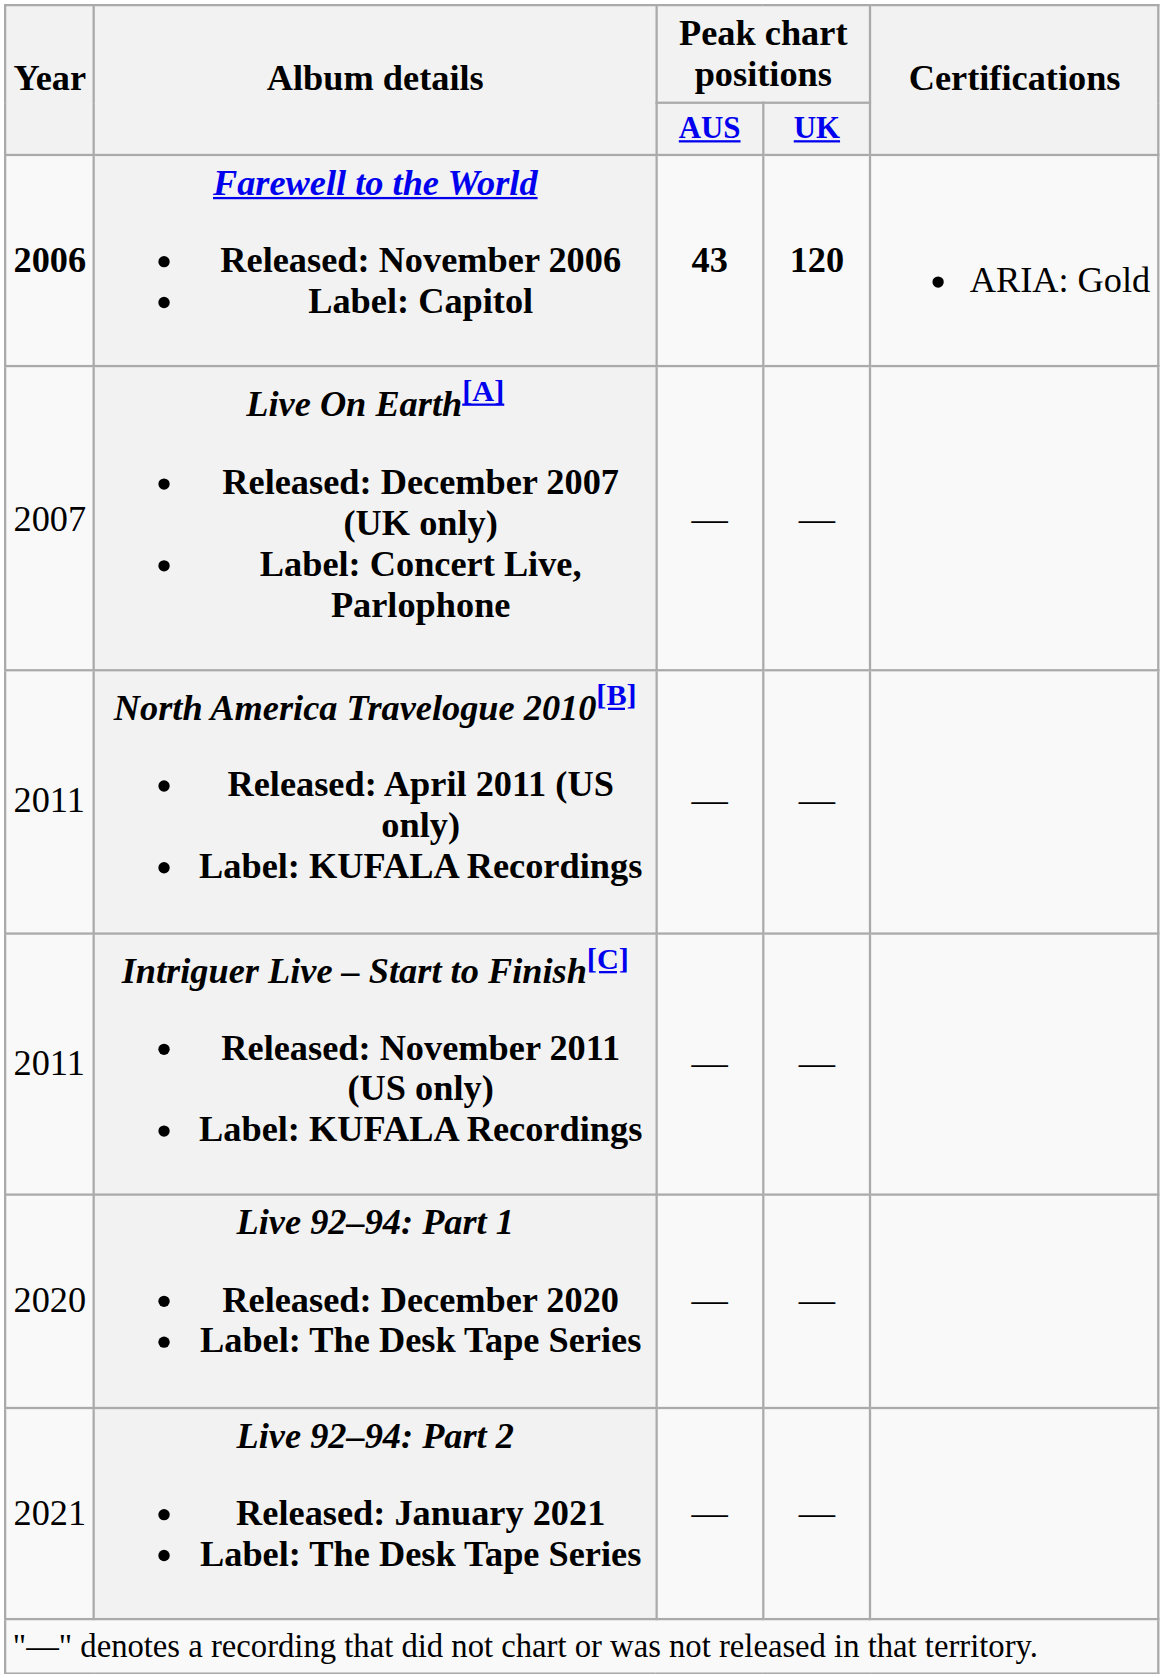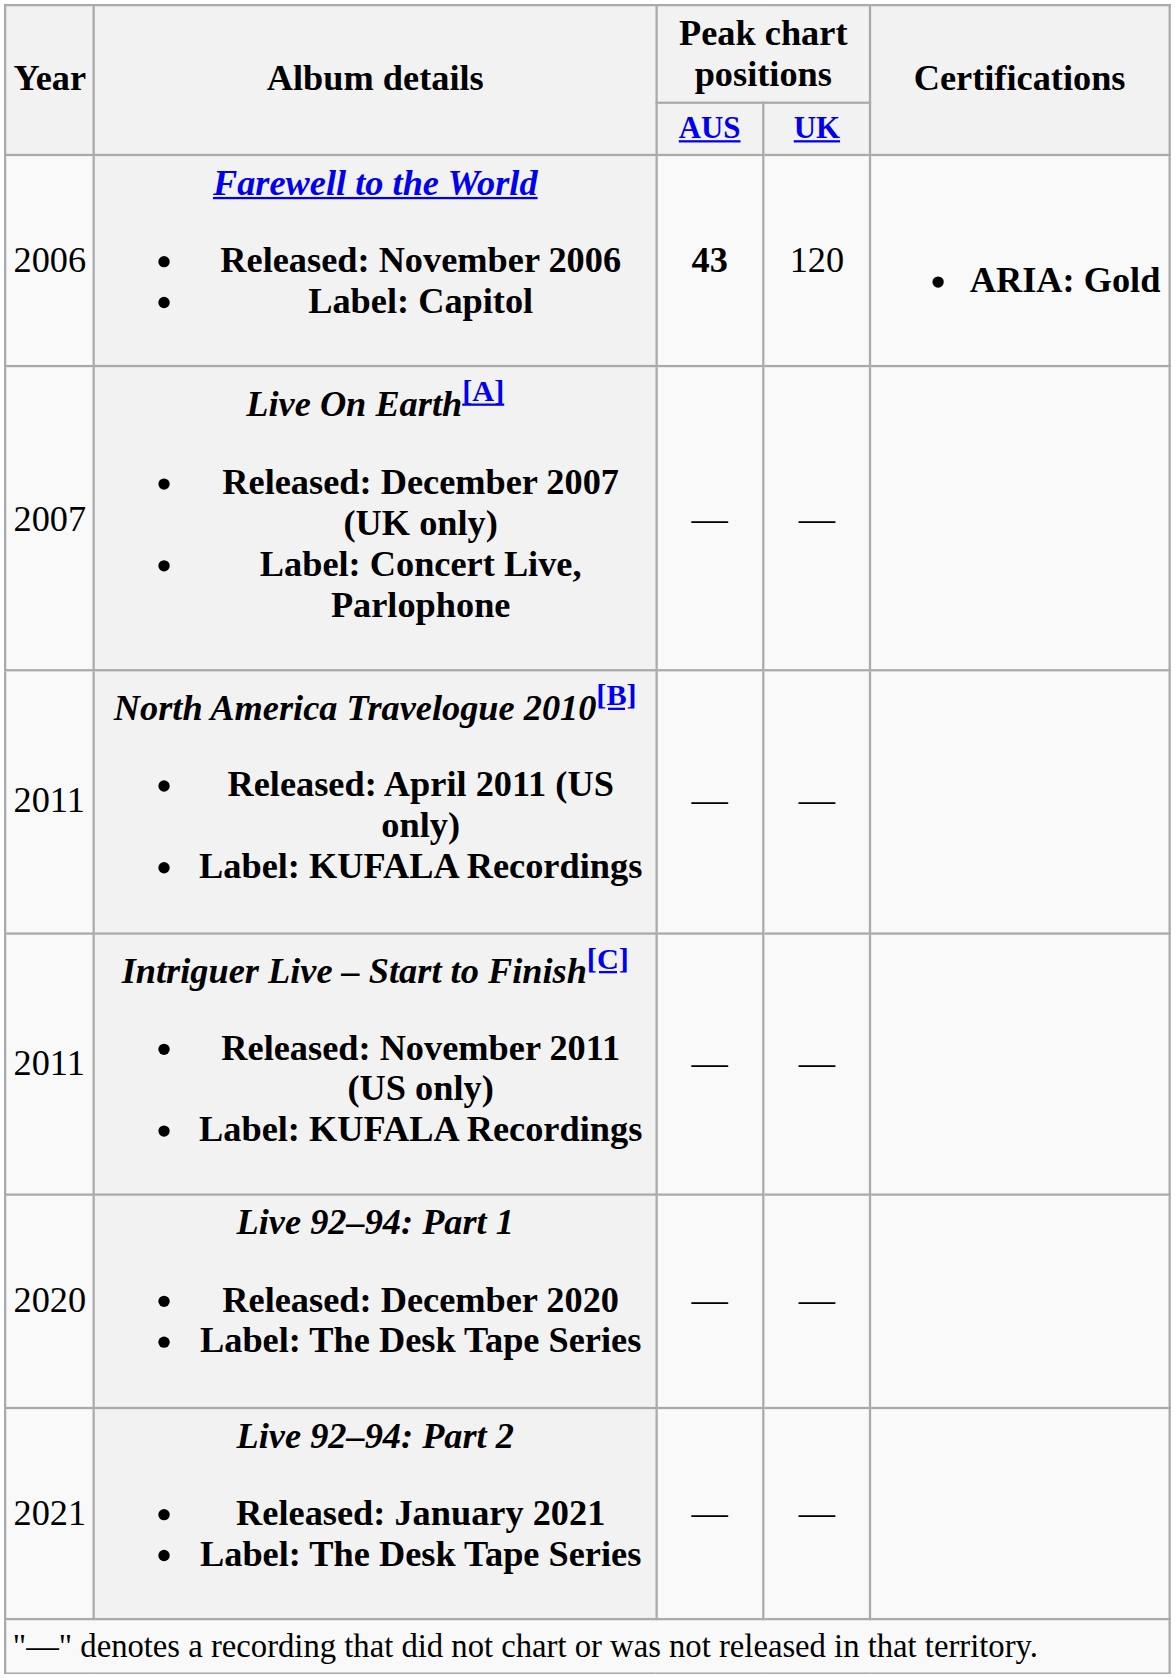 <table class="wikitable plainrowheaders" style="text-align:left;">
 <tr>
 <th rowspan="2" style="width:25px;">Year</th>
 <th rowspan="2" style="width:240px;">Album details</th>
 <th colspan="2">Peak chart positions</th>
 <th rowspan="2">Certifications</th>
 </tr>
 <tr>
 <th style="width:3em;font-size:85%"><a href='#'>AUS</a><br></th>
 <th style="width:3em;font-size:85%"><a href='#'>UK</a><br></th>
 </tr>
 <tr>
-<td><strong>2006</strong></td>
+<td>2006</td>
 <th scope="row"><em><a href='#'>Farewell to the World</a></em><br><ul><li>Released: November 2006</li><li>Label: Capitol</li></ul></th>
 <td style="text-align:center;"><strong>43</strong></td>
-<td style="text-align:center;"><strong>120</strong></td>
-<td><br><ul><li>ARIA: Gold</li></ul></td>
+<td style="text-align:center;">120</td>
+<td><strong><br><ul><li>ARIA: Gold</li></ul></strong></td>
 </tr>
 <tr>
 <td>2007</td>
 <th scope="row"><em>Live On Earth</em><sup><a href='#'><strong>[A]</strong></a></sup><br><ul><li>Released: December 2007 (UK only)</li><li>Label: Concert Live, Parlophone</li></ul></th>
 <td style="text-align:center;">—</td>
 <td style="text-align:center;">—</td>
 <td></td>
 </tr>
 <tr>
 <td>2011</td>
 <th scope="row"><em>North America Travelogue 2010</em><sup><a href='#'><strong>[B]</strong></a></sup><br><ul><li>Released: April 2011 (US only)</li><li>Label: KUFALA Recordings</li></ul></th>
 <td style="text-align:center;">—</td>
 <td style="text-align:center;">—</td>
 <td></td>
 </tr>
 <tr>
 <td>2011</td>
 <th scope="row"><em>Intriguer Live – Start to Finish</em><sup><a href='#'><strong>[C]</strong></a></sup><br><ul><li>Released: November 2011 (US only)</li><li>Label: KUFALA Recordings</li></ul></th>
 <td style="text-align:center;">—</td>
 <td style="text-align:center;">—</td>
 <td></td>
 </tr>
 <tr>
 <td>2020</td>
 <th scope="row"><em>Live 92–94: Part 1</em><br><ul><li>Released: December 2020</li><li>Label: The Desk Tape Series</li></ul></th>
 <td style="text-align:center;">—</td>
 <td style="text-align:center;">—</td>
 <td></td>
 </tr>
 <tr>
 <td>2021</td>
 <th scope="row"><em>Live 92–94: Part 2</em><br><ul><li>Released: January 2021</li><li>Label: The Desk Tape Series</li></ul></th>
 <td style="text-align:center;">—</td>
 <td style="text-align:center;">—</td>
 <td></td>
 </tr>
 <tr>
 <td colspan="15" style="font-size:90%" style="text-align:center;">"—" denotes a recording that did not chart or was not released in that territory.</td>
 </tr>
 </table>
